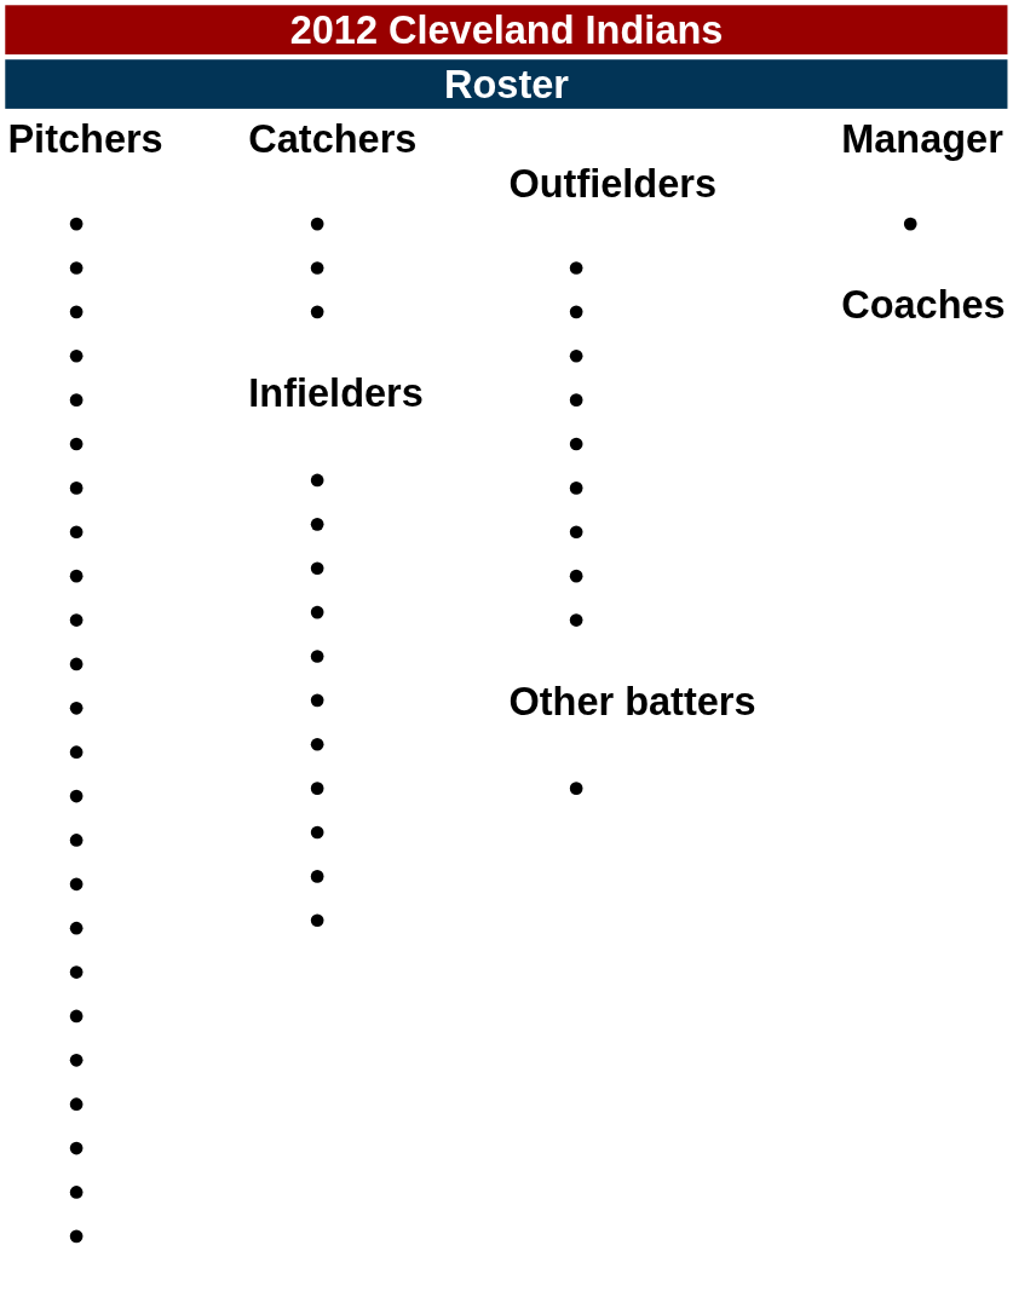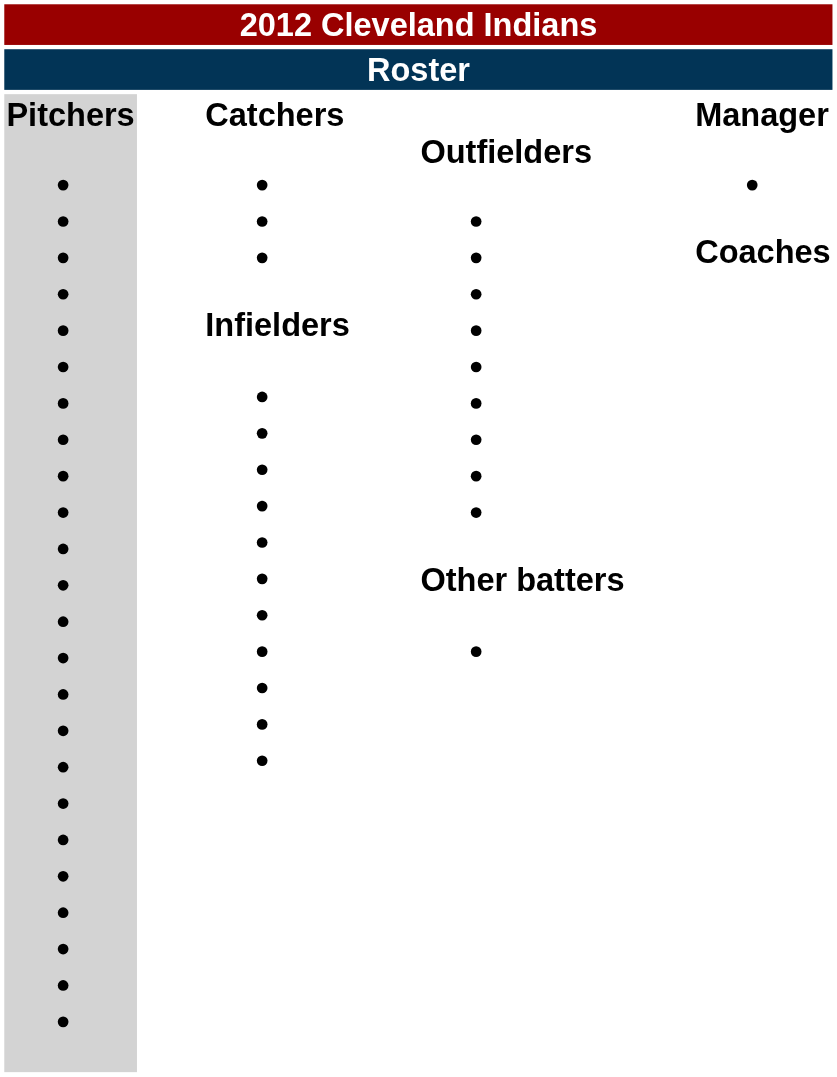 <table class="toccolours" style="font-size: 95%;">
 <tr>
 <th colspan="10" style="background-color: #990000; color: white; text-align: center;">2012 Cleveland Indians</th>
 </tr>
 <tr>
 <td colspan="10" style="background-color: #023456; color: #FFFFFF; text-align: center;"><strong>Roster</strong></td>
 </tr>
 <tr>
-<td valign="top"><strong>Pitchers</strong><br><ul><li></li><li></li><li></li><li></li><li></li><li></li><li></li><li></li><li></li><li></li><li></li><li></li><li></li><li></li><li></li><li></li><li></li><li></li><li></li><li></li><li></li><li></li><li></li><li></li></ul></td>
+<td valign="top" style="background: lightgrey;"><strong>Pitchers</strong><br><ul><li></li><li></li><li></li><li></li><li></li><li></li><li></li><li></li><li></li><li></li><li></li><li></li><li></li><li></li><li></li><li></li><li></li><li></li><li></li><li></li><li></li><li></li><li></li><li></li></ul></td>
 <td width="25px"></td>
 <td valign="top"><strong>Catchers</strong><br><ul><li></li><li></li><li></li></ul><strong>Infielders</strong><ul><li></li><li></li><li></li><li></li><li></li><li></li><li></li><li></li><li></li><li></li><li></li></ul></td>
 <td width="25px"></td>
 <td valign="top"><br><strong>Outfielders</strong><ul><li></li><li></li><li></li><li></li><li></li><li></li><li></li><li></li><li></li></ul><strong>Other batters</strong><ul><li></li></ul></td>
 <td width="25px"></td>
 <td valign="top"><strong>Manager</strong><br><ul><li></li></ul>  <strong>Coaches</strong>                    </td>
 </tr>
 </table>
